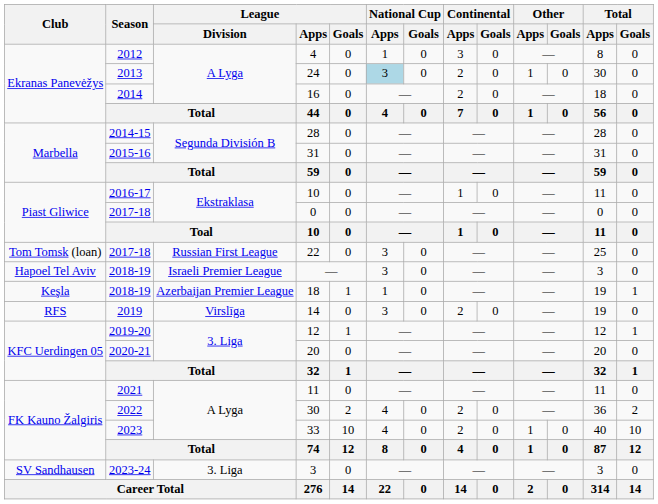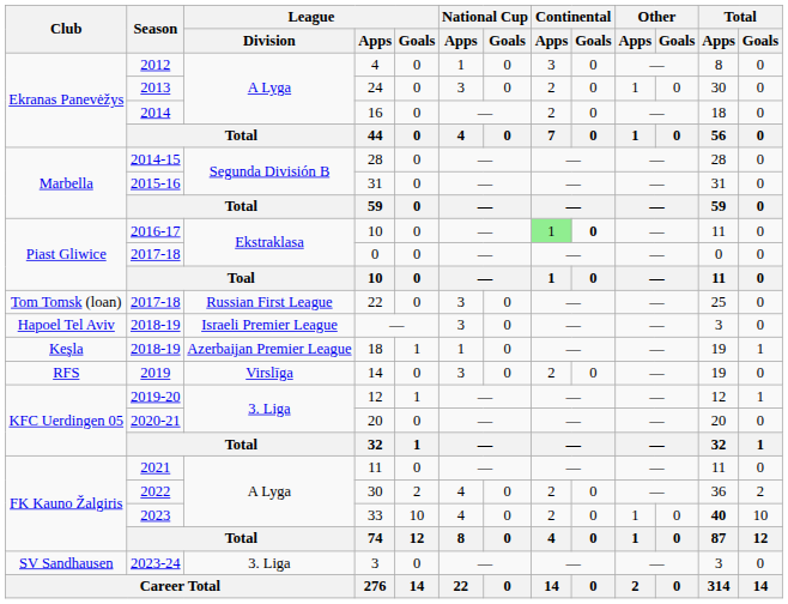 <table class="wikitable" style="text-align:center">
 <tr>
 <th rowspan="2">Club</th>
 <th rowspan="2">Season</th>
 <th colspan="3">League</th>
 <th colspan="2">National Cup</th>
 <th colspan="2">Continental</th>
 <th colspan="2">Other</th>
 <th colspan="2">Total</th>
 </tr>
 <tr>
 <th>Division</th>
 <th>Apps</th>
 <th>Goals</th>
 <th>Apps</th>
 <th>Goals</th>
 <th>Apps</th>
 <th>Goals</th>
 <th>Apps</th>
 <th>Goals</th>
 <th>Apps</th>
 <th>Goals</th>
 </tr>
 <tr>
 <td rowspan="4"><a href='#'>Ekranas Panevėžys</a></td>
 <td><a href='#'>2012</a></td>
 <td rowspan="3"><a href='#'>A Lyga</a></td>
 <td>4</td>
 <td>0</td>
 <td>1</td>
 <td>0</td>
 <td>3</td>
 <td>0</td>
 <td colspan="2">—</td>
 <td>8</td>
 <td>0</td>
 </tr>
 <tr>
 <td><a href='#'>2013</a></td>
 <td>24</td>
 <td>0</td>
-<td style="background: lightblue;">3</td>
+<td>3</td>
 <td>0</td>
 <td>2</td>
 <td>0</td>
 <td>1</td>
 <td>0</td>
 <td>30</td>
 <td>0</td>
 </tr>
 <tr>
 <td><a href='#'>2014</a></td>
 <td>16</td>
 <td>0</td>
 <td colspan="2">—</td>
 <td>2</td>
 <td>0</td>
 <td colspan="2">—</td>
 <td>18</td>
 <td>0</td>
 </tr>
 <tr>
 <th colspan="2">Total</th>
 <th>44</th>
 <th>0</th>
 <th>4</th>
 <th>0</th>
 <th>7</th>
 <th>0</th>
 <th>1</th>
 <th>0</th>
 <th>56</th>
 <th>0</th>
 </tr>
 <tr>
 <td rowspan="3"><a href='#'>Marbella</a></td>
 <td><a href='#'>2014-15</a></td>
 <td rowspan="2"><a href='#'>Segunda División B</a></td>
 <td>28</td>
 <td>0</td>
 <td colspan="2">—</td>
 <td colspan="2">—</td>
 <td colspan="2">—</td>
 <td>28</td>
 <td>0</td>
 </tr>
 <tr>
 <td><a href='#'>2015-16</a></td>
 <td>31</td>
 <td>0</td>
 <td colspan="2">—</td>
 <td colspan="2">—</td>
 <td colspan="2">—</td>
 <td>31</td>
 <td>0</td>
 </tr>
 <tr>
 <th colspan="2">Total</th>
 <th>59</th>
 <th>0</th>
 <th colspan="2">—</th>
 <th colspan="2">—</th>
 <th colspan="2">—</th>
 <th>59</th>
 <th>0</th>
 </tr>
 <tr>
 <td rowspan="3"><a href='#'>Piast Gliwice</a></td>
 <td><a href='#'>2016-17</a></td>
 <td rowspan="2"><a href='#'>Ekstraklasa</a></td>
 <td>10</td>
 <td>0</td>
 <td colspan="2">—</td>
-<td>1</td>
-<td>0</td>
+<td style="background: lightgreen;">1</td>
+<td><strong>0</strong></td>
 <td colspan="2">—</td>
 <td>11</td>
 <td>0</td>
 </tr>
 <tr>
 <td><a href='#'>2017-18</a></td>
 <td>0</td>
 <td>0</td>
 <td colspan="2">—</td>
 <td colspan="2">—</td>
 <td colspan="2">—</td>
 <td>0</td>
 <td>0</td>
 </tr>
 <tr>
 <th colspan="2">Toal</th>
 <th>10</th>
 <th>0</th>
 <th colspan="2">—</th>
 <th>1</th>
 <th>0</th>
 <th colspan="2">—</th>
 <th>11</th>
 <th>0</th>
 </tr>
 <tr>
 <td><a href='#'>Tom Tomsk</a> (loan)</td>
 <td><a href='#'>2017-18</a></td>
 <td><a href='#'>Russian First League</a></td>
 <td>22</td>
 <td>0</td>
 <td>3</td>
 <td>0</td>
 <td colspan="2">—</td>
 <td colspan="2">—</td>
 <td>25</td>
 <td>0</td>
 </tr>
 <tr>
 <td><a href='#'>Hapoel Tel Aviv</a></td>
 <td><a href='#'>2018-19</a></td>
 <td><a href='#'>Israeli Premier League</a></td>
 <td colspan="2">—</td>
 <td>3</td>
 <td>0</td>
 <td colspan="2">—</td>
 <td colspan="2">—</td>
 <td>3</td>
 <td>0</td>
 </tr>
 <tr>
 <td><a href='#'>Keşla</a></td>
 <td><a href='#'>2018-19</a></td>
 <td><a href='#'>Azerbaijan Premier League</a></td>
 <td>18</td>
 <td>1</td>
 <td>1</td>
 <td>0</td>
 <td colspan="2">—</td>
 <td colspan="2">—</td>
 <td>19</td>
 <td>1</td>
 </tr>
 <tr>
 <td><a href='#'>RFS</a></td>
 <td><a href='#'>2019</a></td>
 <td><a href='#'>Virslīga</a></td>
 <td>14</td>
 <td>0</td>
 <td>3</td>
 <td>0</td>
 <td>2</td>
 <td>0</td>
 <td colspan="2">—</td>
 <td>19</td>
 <td>0</td>
 </tr>
 <tr>
 <td rowspan="3"><a href='#'>KFC Uerdingen 05</a></td>
 <td><a href='#'>2019-20</a></td>
 <td rowspan="2"><a href='#'>3. Liga</a></td>
 <td>12</td>
 <td>1</td>
 <td colspan="2">—</td>
 <td colspan="2">—</td>
 <td colspan="2">—</td>
 <td>12</td>
 <td>1</td>
 </tr>
 <tr>
 <td><a href='#'>2020-21</a></td>
 <td>20</td>
 <td>0</td>
 <td colspan="2">—</td>
 <td colspan="2">—</td>
 <td colspan="2">—</td>
 <td>20</td>
 <td>0</td>
 </tr>
 <tr>
 <th colspan="2">Total</th>
 <th>32</th>
 <th>1</th>
 <th colspan="2">—</th>
 <th colspan="2">—</th>
 <th colspan="2">—</th>
 <th>32</th>
 <th>1</th>
 </tr>
 <tr>
 <td rowspan="4"><a href='#'>FK Kauno Žalgiris</a></td>
 <td><a href='#'>2021</a></td>
 <td rowspan="3">A Lyga</td>
 <td>11</td>
 <td>0</td>
 <td colspan="2">—</td>
 <td colspan="2">—</td>
 <td colspan="2">—</td>
 <td>11</td>
 <td>0</td>
 </tr>
 <tr>
 <td><a href='#'>2022</a></td>
 <td>30</td>
 <td>2</td>
 <td>4</td>
 <td>0</td>
 <td>2</td>
 <td>0</td>
 <td colspan="2">—</td>
 <td>36</td>
 <td>2</td>
 </tr>
 <tr>
 <td><a href='#'>2023</a></td>
 <td>33</td>
 <td>10</td>
 <td>4</td>
 <td>0</td>
 <td>2</td>
 <td>0</td>
 <td>1</td>
 <td>0</td>
-<td>40</td>
+<td><strong>40</strong></td>
 <td>10</td>
 </tr>
 <tr>
 <th colspan="2">Total</th>
 <th>74</th>
 <th>12</th>
 <th>8</th>
 <th>0</th>
 <th>4</th>
 <th>0</th>
 <th>1</th>
 <th>0</th>
 <th>87</th>
 <th>12</th>
 </tr>
 <tr>
 <td><a href='#'>SV Sandhausen</a></td>
 <td><a href='#'>2023-24</a></td>
 <td>3. Liga</td>
 <td>3</td>
 <td>0</td>
 <td colspan="2">—</td>
 <td colspan="2">—</td>
 <td colspan="2">—</td>
 <td>3</td>
 <td>0</td>
 </tr>
 <tr>
 <th colspan="3">Career Total</th>
 <th>276</th>
 <th>14</th>
 <th>22</th>
 <th>0</th>
 <th>14</th>
 <th>0</th>
 <th>2</th>
 <th>0</th>
 <th>314</th>
 <th>14</th>
 </tr>
 </table>
